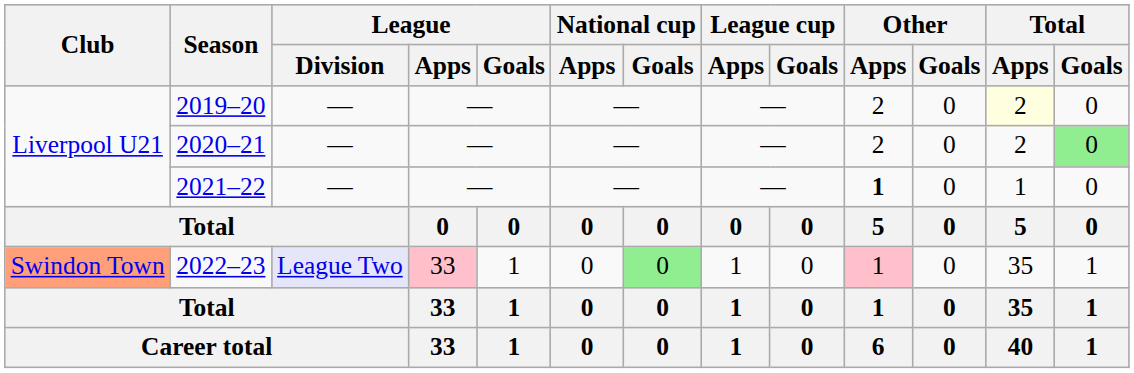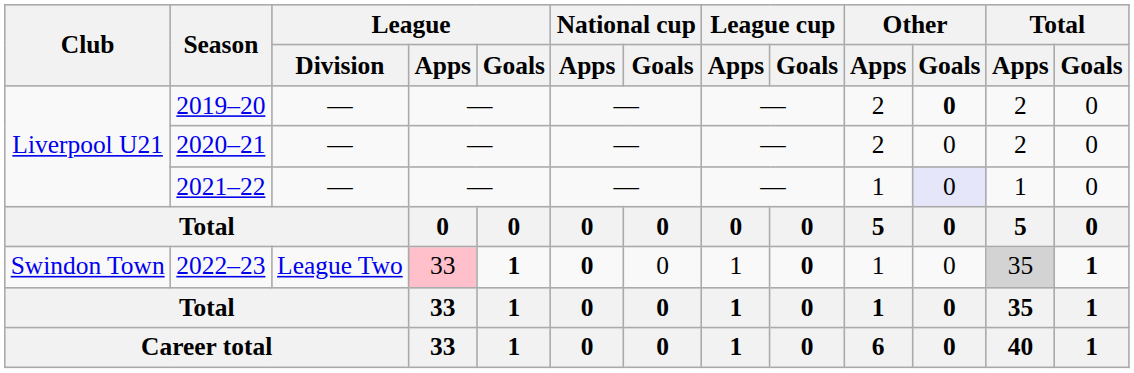 <table class="wikitable" style="text-align:center">
 <tr>
 <th rowspan="2">Club</th>
 <th rowspan="2">Season</th>
 <th colspan="3">League</th>
 <th colspan="2">National cup</th>
 <th colspan="2">League cup</th>
 <th colspan="2">Other</th>
 <th colspan="2">Total</th>
 </tr>
 <tr>
 <th>Division</th>
 <th>Apps</th>
 <th>Goals</th>
 <th>Apps</th>
 <th>Goals</th>
 <th>Apps</th>
 <th>Goals</th>
 <th>Apps</th>
 <th>Goals</th>
 <th>Apps</th>
 <th>Goals</th>
 </tr>
 <tr>
 <td rowspan="3"><a href='#'>Liverpool U21</a></td>
 <td><a href='#'>2019–20</a></td>
 <td colspan=1>—</td>
 <td colspan=2>—</td>
 <td colspan=2>—</td>
 <td colspan=2>—</td>
 <td>2</td>
-<td>0</td>
-<td style="background: lightyellow;">2</td>
+<td><strong>0</strong></td>
+<td>2</td>
 <td>0</td>
 </tr>
 <tr>
 <td><a href='#'>2020–21</a></td>
 <td colspan=1>—</td>
 <td colspan=2>—</td>
 <td colspan=2>—</td>
 <td colspan=2>—</td>
 <td>2</td>
 <td>0</td>
 <td>2</td>
-<td style="background: lightgreen;">0</td>
+<td>0</td>
 </tr>
 <tr>
 <td><a href='#'>2021–22</a></td>
 <td colspan=1>—</td>
 <td colspan=2>—</td>
 <td colspan=2>—</td>
 <td colspan=2>—</td>
-<td><strong>1</strong></td>
-<td>0</td>
+<td>1</td>
+<td style="background: lavender;">0</td>
 <td>1</td>
 <td>0</td>
 </tr>
 <tr>
 <th colspan="3">Total</th>
 <th>0</th>
 <th>0</th>
 <th>0</th>
 <th>0</th>
 <th>0</th>
 <th>0</th>
 <th>5</th>
 <th>0</th>
 <th>5</th>
 <th>0</th>
 </tr>
 <tr>
-<td style="background: lightsalmon;"><a href='#'>Swindon Town</a></td>
+<td><a href='#'>Swindon Town</a></td>
 <td><a href='#'>2022–23</a></td>
-<td style="background: lavender;"><a href='#'>League Two</a></td>
+<td><a href='#'>League Two</a></td>
 <td style="background: pink;">33</td>
+<td><strong>1</strong></td>
+<td><strong>0</strong></td>
+<td>0</td>
+<td>1</td>
+<td><strong>0</strong></td>
 <td>1</td>
 <td>0</td>
-<td style="background: lightgreen;">0</td>
-<td>1</td>
-<td>0</td>
-<td style="background: pink;">1</td>
-<td>0</td>
-<td>35</td>
-<td>1</td>
+<td style="background: lightgrey;">35</td>
+<td><strong>1</strong></td>
 </tr>
 <tr>
 <th colspan="3">Total</th>
 <th>33</th>
 <th>1</th>
 <th>0</th>
 <th>0</th>
 <th>1</th>
 <th>0</th>
 <th>1</th>
 <th>0</th>
 <th>35</th>
 <th>1</th>
 </tr>
 <tr>
 <th colspan="3">Career total</th>
 <th>33</th>
 <th>1</th>
 <th>0</th>
 <th>0</th>
 <th>1</th>
 <th>0</th>
 <th>6</th>
 <th>0</th>
 <th>40</th>
 <th>1</th>
 </tr>
 </table>
